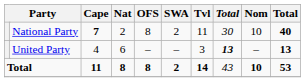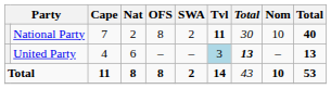 <table class="wikitable">
 <tr>
 <th colspan=3><strong>Party</strong></th>
 <th>Cape</th>
 <th>Nat</th>
 <th>OFS</th>
 <th>SWA</th>
 <th>Tvl</th>
 <th><em>Total</em></th>
 <th>Nom</th>
 <th><strong>Total</strong></th>
 </tr>
 <tr>
 <th colspan=2 style="background-color: "></th>
 <td><a href='#'>National Party</a></td>
-<td align=center><strong>7</strong></td>
+<td align=center>7</td>
 <td align=center>2</td>
 <td align=center>8</td>
 <td align=center>2</td>
-<td align=center>11</td>
+<td align=center><strong>11</strong></td>
 <td align=center><em>30</em></td>
 <td align=center>10</td>
 <td align=center><strong>40</strong></td>
 </tr>
 <tr>
 <th colspan=2 style="background-color: "></th>
 <td><a href='#'>United Party</a></td>
 <td align=center>4</td>
 <td align=center>6</td>
 <td align=center>–</td>
 <td align=center>–</td>
-<td align=center>3</td>
+<td align=center style="background: lightblue;">3</td>
 <td align=center><strong><em>13</em></strong></td>
 <td align=center>–</td>
 <td align=center><strong>13</strong></td>
 </tr>
 <tr>
 <td colspan=3><strong>Total</strong></td>
 <td align=center><strong>11</strong></td>
 <td align=center><strong>8</strong></td>
 <td align=center><strong>8</strong></td>
 <td align=center><strong>2</strong></td>
 <td align=center><strong>14</strong></td>
 <td align=center><em>43</em></td>
 <td align=center><strong>10</strong></td>
 <td align=center><strong>53</strong></td>
 </tr>
 <tr>
 </tr>
 </table>
